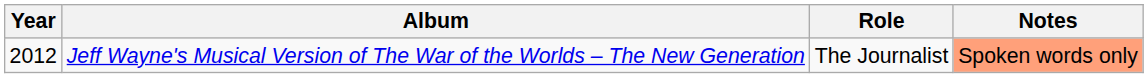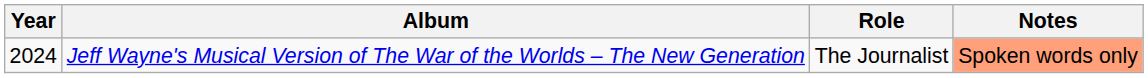 <table class="wikitable">
 <tr>
 <th>Year</th>
 <th>Album</th>
 <th>Role</th>
 <th>Notes</th>
 </tr>
 <tr>
-<td>2012</td>
+<td>2024</td>
 <td><em><a href='#'>Jeff Wayne's Musical Version of The War of the Worlds – The New Generation</a></em></td>
 <td>The Journalist</td>
 <td style="background: lightsalmon;">Spoken words only</td>
 </tr>
 </table>
